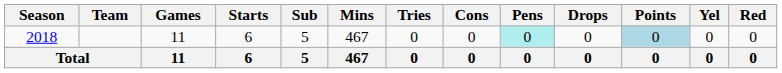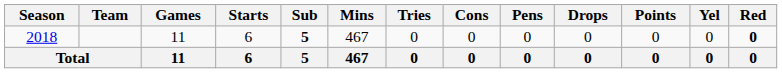 <table class="wikitable" style="text-align:center; line-height:90%; font-size:95%; width:60%;">
 <tr>
 <th>Season</th>
 <th>Team</th>
 <th>Games</th>
 <th>Starts</th>
 <th>Sub</th>
 <th>Mins</th>
 <th>Tries</th>
 <th>Cons</th>
 <th>Pens</th>
 <th>Drops</th>
 <th>Points</th>
 <th>Yel</th>
 <th>Red</th>
 </tr>
 <tr>
 <td><a href='#'>2018</a></td>
 <td></td>
 <td>11</td>
 <td>6</td>
-<td>5</td>
+<td><strong>5</strong></td>
 <td>467</td>
 <td>0</td>
 <td>0</td>
-<td style="background: paleturquoise;">0</td>
-<td>0</td>
-<td style="background: lightblue;">0</td>
 <td>0</td>
 <td>0</td>
+<td>0</td>
+<td>0</td>
+<td><strong>0</strong></td>
 </tr>
 <tr>
 <th colspan="2">Total</th>
 <th>11</th>
 <th>6</th>
 <th>5</th>
 <th>467</th>
 <th>0</th>
 <th>0</th>
 <th>0</th>
 <th>0</th>
 <th>0</th>
 <th>0</th>
 <th>0</th>
 </tr>
 </table>
